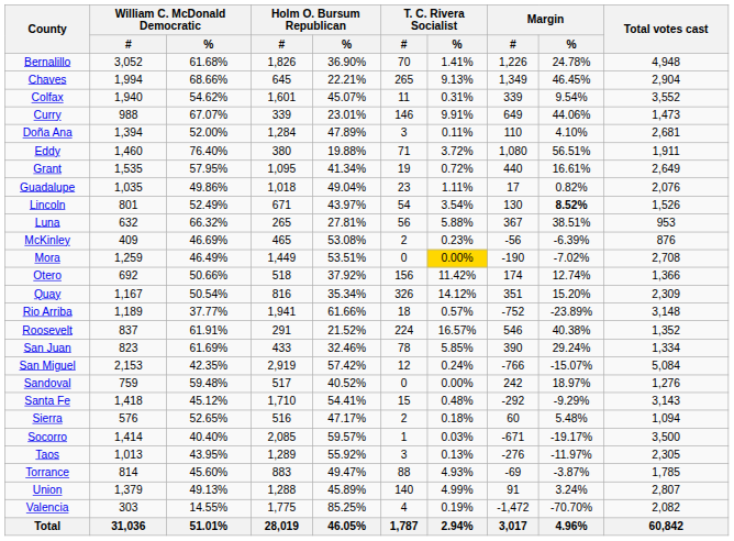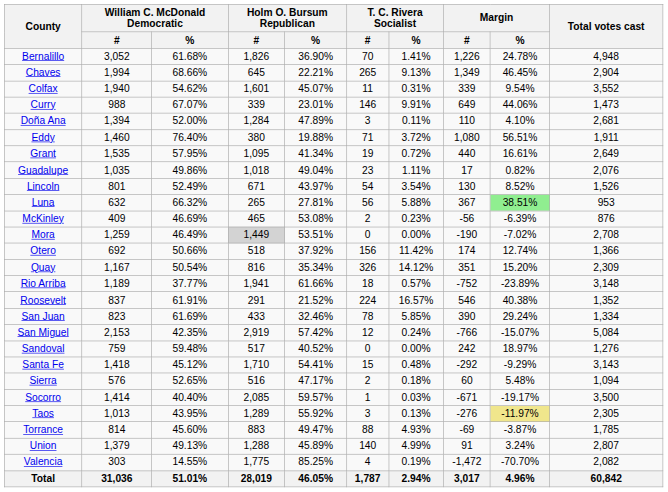 <table width="65%" class="wikitable sortable" style="text-align:center">
 <tr>
 <th style="text-align:center;" rowspan="2">County</th>
 <th style="text-align:center;" colspan="2">William C. McDonald<br>Democratic</th>
 <th style="text-align:center;" colspan="2">Holm O. Bursum<br>Republican</th>
 <th style="text-align:center;" colspan="2">T. C. Rivera<br>Socialist</th>
 <th style="text-align:center;" colspan="2">Margin</th>
 <th style="text-align:center;" rowspan="2">Total votes cast</th>
 </tr>
 <tr>
 <th style="text-align:center;" data-sort-type="number">#</th>
 <th style="text-align:center;" data-sort-type="number">%</th>
 <th style="text-align:center;" data-sort-type="number">#</th>
 <th style="text-align:center;" data-sort-type="number">%</th>
 <th style="text-align:center;" data-sort-type="number">#</th>
 <th style="text-align:center;" data-sort-type="number">%</th>
 <th style="text-align:center;" data-sort-type="number">#</th>
 <th style="text-align:center;" data-sort-type="number">%</th>
 </tr>
 <tr style="text-align:center;">
 <td><a href='#'>Bernalillo</a></td>
 <td>3,052</td>
 <td>61.68%</td>
 <td>1,826</td>
 <td>36.90%</td>
 <td>70</td>
 <td>1.41%</td>
 <td>1,226</td>
 <td>24.78%</td>
 <td>4,948</td>
 </tr>
 <tr style="text-align:center;">
 <td><a href='#'>Chaves</a></td>
 <td>1,994</td>
 <td>68.66%</td>
 <td>645</td>
 <td>22.21%</td>
 <td>265</td>
 <td>9.13%</td>
 <td>1,349</td>
 <td>46.45%</td>
 <td>2,904</td>
 </tr>
 <tr style="text-align:center;">
 <td><a href='#'>Colfax</a></td>
 <td>1,940</td>
 <td>54.62%</td>
 <td>1,601</td>
 <td>45.07%</td>
 <td>11</td>
 <td>0.31%</td>
 <td>339</td>
 <td>9.54%</td>
 <td>3,552</td>
 </tr>
 <tr style="text-align:center;">
 <td><a href='#'>Curry</a></td>
 <td>988</td>
 <td>67.07%</td>
 <td>339</td>
 <td>23.01%</td>
 <td>146</td>
 <td>9.91%</td>
 <td>649</td>
 <td>44.06%</td>
 <td>1,473</td>
 </tr>
 <tr style="text-align:center;">
 <td><a href='#'>Doña Ana</a></td>
 <td>1,394</td>
 <td>52.00%</td>
 <td>1,284</td>
 <td>47.89%</td>
 <td>3</td>
 <td>0.11%</td>
 <td>110</td>
 <td>4.10%</td>
 <td>2,681</td>
 </tr>
 <tr style="text-align:center;">
 <td><a href='#'>Eddy</a></td>
 <td>1,460</td>
 <td>76.40%</td>
 <td>380</td>
 <td>19.88%</td>
 <td>71</td>
 <td>3.72%</td>
 <td>1,080</td>
 <td>56.51%</td>
 <td>1,911</td>
 </tr>
 <tr style="text-align:center;">
 <td><a href='#'>Grant</a></td>
 <td>1,535</td>
 <td>57.95%</td>
 <td>1,095</td>
 <td>41.34%</td>
 <td>19</td>
 <td>0.72%</td>
 <td>440</td>
 <td>16.61%</td>
 <td>2,649</td>
 </tr>
 <tr style="text-align:center;">
 <td><a href='#'>Guadalupe</a></td>
 <td>1,035</td>
 <td>49.86%</td>
 <td>1,018</td>
 <td>49.04%</td>
 <td>23</td>
 <td>1.11%</td>
 <td>17</td>
 <td>0.82%</td>
 <td>2,076</td>
 </tr>
 <tr style="text-align:center;">
 <td><a href='#'>Lincoln</a></td>
 <td>801</td>
 <td>52.49%</td>
 <td>671</td>
 <td>43.97%</td>
 <td>54</td>
 <td>3.54%</td>
 <td>130</td>
-<td><strong>8.52%</strong></td>
+<td>8.52%</td>
 <td>1,526</td>
 </tr>
 <tr style="text-align:center;">
 <td><a href='#'>Luna</a></td>
 <td>632</td>
 <td>66.32%</td>
 <td>265</td>
 <td>27.81%</td>
 <td>56</td>
 <td>5.88%</td>
 <td>367</td>
-<td>38.51%</td>
+<td style="background: lightgreen;">38.51%</td>
 <td>953</td>
 </tr>
 <tr style="text-align:center;">
 <td><a href='#'>McKinley</a></td>
 <td>409</td>
 <td>46.69%</td>
 <td>465</td>
 <td>53.08%</td>
 <td>2</td>
 <td>0.23%</td>
 <td>-56</td>
 <td>-6.39%</td>
 <td>876</td>
 </tr>
 <tr style="text-align:center;">
 <td><a href='#'>Mora</a></td>
 <td>1,259</td>
 <td>46.49%</td>
-<td>1,449</td>
+<td style="background: lightgrey;">1,449</td>
 <td>53.51%</td>
 <td>0</td>
-<td style="background: gold;">0.00%</td>
+<td>0.00%</td>
 <td>-190</td>
 <td>-7.02%</td>
 <td>2,708</td>
 </tr>
 <tr style="text-align:center;">
 <td><a href='#'>Otero</a></td>
 <td>692</td>
 <td>50.66%</td>
 <td>518</td>
 <td>37.92%</td>
 <td>156</td>
 <td>11.42%</td>
 <td>174</td>
 <td>12.74%</td>
 <td>1,366</td>
 </tr>
 <tr style="text-align:center;">
 <td><a href='#'>Quay</a></td>
 <td>1,167</td>
 <td>50.54%</td>
 <td>816</td>
 <td>35.34%</td>
 <td>326</td>
 <td>14.12%</td>
 <td>351</td>
 <td>15.20%</td>
 <td>2,309</td>
 </tr>
 <tr style="text-align:center;">
 <td><a href='#'>Rio Arriba</a></td>
 <td>1,189</td>
 <td>37.77%</td>
 <td>1,941</td>
 <td>61.66%</td>
 <td>18</td>
 <td>0.57%</td>
 <td>-752</td>
 <td>-23.89%</td>
 <td>3,148</td>
 </tr>
 <tr style="text-align:center;">
 <td><a href='#'>Roosevelt</a></td>
 <td>837</td>
 <td>61.91%</td>
 <td>291</td>
 <td>21.52%</td>
 <td>224</td>
 <td>16.57%</td>
 <td>546</td>
 <td>40.38%</td>
 <td>1,352</td>
 </tr>
 <tr style="text-align:center;">
 <td><a href='#'>San Juan</a></td>
 <td>823</td>
 <td>61.69%</td>
 <td>433</td>
 <td>32.46%</td>
 <td>78</td>
 <td>5.85%</td>
 <td>390</td>
 <td>29.24%</td>
 <td>1,334</td>
 </tr>
 <tr style="text-align:center;">
 <td><a href='#'>San Miguel</a></td>
 <td>2,153</td>
 <td>42.35%</td>
 <td>2,919</td>
 <td>57.42%</td>
 <td>12</td>
 <td>0.24%</td>
 <td>-766</td>
 <td>-15.07%</td>
 <td>5,084</td>
 </tr>
 <tr style="text-align:center;">
 <td><a href='#'>Sandoval</a></td>
 <td>759</td>
 <td>59.48%</td>
 <td>517</td>
 <td>40.52%</td>
 <td>0</td>
 <td>0.00%</td>
 <td>242</td>
 <td>18.97%</td>
 <td>1,276</td>
 </tr>
 <tr style="text-align:center;">
 <td><a href='#'>Santa Fe</a></td>
 <td>1,418</td>
 <td>45.12%</td>
 <td>1,710</td>
 <td>54.41%</td>
 <td>15</td>
 <td>0.48%</td>
 <td>-292</td>
 <td>-9.29%</td>
 <td>3,143</td>
 </tr>
 <tr style="text-align:center;">
 <td><a href='#'>Sierra</a></td>
 <td>576</td>
 <td>52.65%</td>
 <td>516</td>
 <td>47.17%</td>
 <td>2</td>
 <td>0.18%</td>
 <td>60</td>
 <td>5.48%</td>
 <td>1,094</td>
 </tr>
 <tr style="text-align:center;">
 <td><a href='#'>Socorro</a></td>
 <td>1,414</td>
 <td>40.40%</td>
 <td>2,085</td>
 <td>59.57%</td>
 <td>1</td>
 <td>0.03%</td>
 <td>-671</td>
 <td>-19.17%</td>
 <td>3,500</td>
 </tr>
 <tr style="text-align:center;">
 <td><a href='#'>Taos</a></td>
 <td>1,013</td>
 <td>43.95%</td>
 <td>1,289</td>
 <td>55.92%</td>
 <td>3</td>
 <td>0.13%</td>
 <td>-276</td>
-<td>-11.97%</td>
+<td style="background: khaki;">-11.97%</td>
 <td>2,305</td>
 </tr>
 <tr style="text-align:center;">
 <td><a href='#'>Torrance</a></td>
 <td>814</td>
 <td>45.60%</td>
 <td>883</td>
 <td>49.47%</td>
 <td>88</td>
 <td>4.93%</td>
 <td>-69</td>
 <td>-3.87%</td>
 <td>1,785</td>
 </tr>
 <tr style="text-align:center;">
 <td><a href='#'>Union</a></td>
 <td>1,379</td>
 <td>49.13%</td>
 <td>1,288</td>
 <td>45.89%</td>
 <td>140</td>
 <td>4.99%</td>
 <td>91</td>
 <td>3.24%</td>
 <td>2,807</td>
 </tr>
 <tr style="text-align:center;">
 <td><a href='#'>Valencia</a></td>
 <td>303</td>
 <td>14.55%</td>
 <td>1,775</td>
 <td>85.25%</td>
 <td>4</td>
 <td>0.19%</td>
 <td>-1,472</td>
 <td>-70.70%</td>
 <td>2,082</td>
 </tr>
 <tr style="text-align:center;">
 <th>Total</th>
 <th>31,036</th>
 <th>51.01%</th>
 <th>28,019</th>
 <th>46.05%</th>
 <th>1,787</th>
 <th>2.94%</th>
 <th>3,017</th>
 <th>4.96%</th>
 <th>60,842</th>
 </tr>
 </table>
